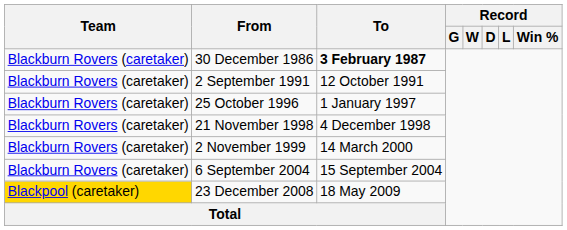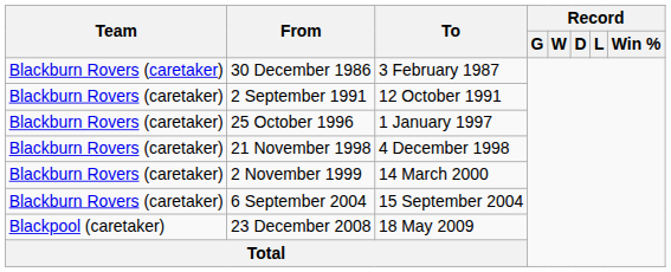 <table class="wikitable" style="text-align: center">
 <tr>
 <th rowspan="2">Team</th>
 <th rowspan="2">From</th>
 <th rowspan="2">To</th>
 <th colspan="5">Record</th>
 </tr>
 <tr>
 <th>G</th>
 <th>W</th>
 <th>D</th>
 <th>L</th>
 <th>Win %</th>
 </tr>
 <tr>
 <td align=left><a href='#'>Blackburn Rovers</a> (<a href='#'>caretaker</a>)</td>
 <td align=left>30 December 1986</td>
-<td align=left><strong>3 February 1987<br></strong></td>
+<td align=left>3 February 1987<br></td>
 </tr>
 <tr>
 <td align=left><a href='#'>Blackburn Rovers</a> (caretaker)</td>
 <td align=left>2 September 1991</td>
 <td align=left>12 October 1991<br></td>
 </tr>
 <tr>
 <td align=left><a href='#'>Blackburn Rovers</a> (caretaker)</td>
 <td align=left>25 October 1996</td>
 <td align=left>1 January 1997<br></td>
 </tr>
 <tr>
 <td align=left><a href='#'>Blackburn Rovers</a> (caretaker)</td>
 <td align=left>21 November 1998</td>
 <td align=left>4 December 1998<br></td>
 </tr>
 <tr>
 <td align=left><a href='#'>Blackburn Rovers</a> (caretaker)</td>
 <td align=left>2 November 1999</td>
 <td align=left>14 March 2000<br></td>
 </tr>
 <tr>
 <td align=left><a href='#'>Blackburn Rovers</a> (caretaker)</td>
 <td align=left>6 September 2004</td>
 <td align=left>15 September 2004<br></td>
 </tr>
 <tr>
-<td align=left style="background: gold;"><a href='#'>Blackpool</a> (caretaker)</td>
+<td align=left><a href='#'>Blackpool</a> (caretaker)</td>
 <td align=left>23 December 2008</td>
 <td align=left>18 May 2009<br></td>
 </tr>
 <tr>
 <th colspan=3>Total<br></th>
 </tr>
 </table>
